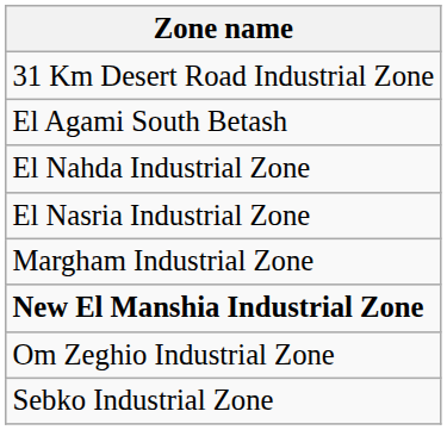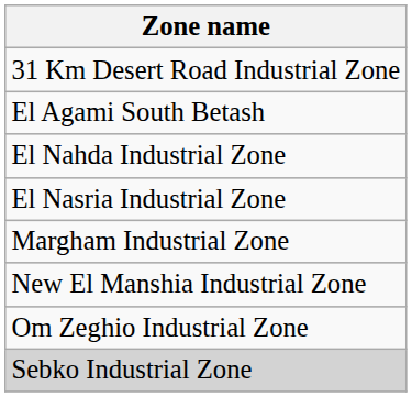 <table class="wikitable">
 <tr>
 <th>Zone name</th>
 </tr>
 <tr>
 <td rowspan="1">31 Km Desert Road Industrial Zone</td>
 </tr>
 <tr>
 <td rowspan="1">El Agami South Betash</td>
 </tr>
 <tr>
 <td rowspan="1">El Nahda Industrial Zone</td>
 </tr>
 <tr>
 <td rowspan="1">El Nasria Industrial Zone</td>
 </tr>
 <tr>
 <td rowspan="1">Margham Industrial Zone</td>
 </tr>
 <tr>
-<td rowspan="1"><strong>New El Manshia Industrial Zone</strong></td>
+<td rowspan="1">New El Manshia Industrial Zone</td>
 </tr>
 <tr>
 <td rowspan="1">Om Zeghio Industrial Zone</td>
 </tr>
 <tr>
-<td rowspan="1">Sebko Industrial Zone</td>
+<td rowspan="1" style="background: lightgrey;">Sebko Industrial Zone</td>
 </tr>
 </table>
